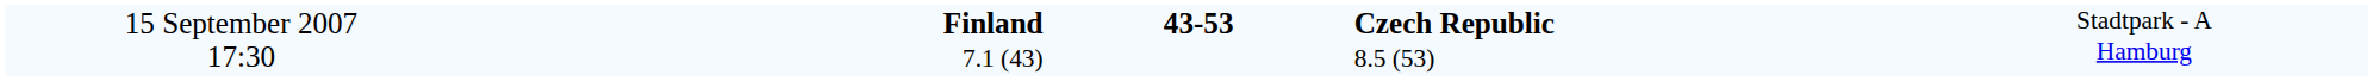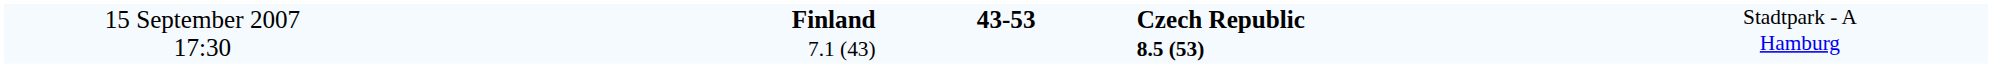 <table style="width: 100%; background:#F5FAFF;" cellspacing="0">
 <tr>
 <td align=center rowspan=3 width=20%>15 September 2007<br>17:30</td>
 </tr>
 <tr>
 <td width=24% align=right><strong>Finland</strong></td>
 <td align=center width=13%><strong>43-53</strong></td>
 <td width=24%><strong>Czech Republic</strong></td>
 <td style=font-size:85% rowspan=3 valign=top align=center>Stadtpark - A <br><a href='#'>Hamburg</a></td>
 </tr>
 <tr style=font-size:85%>
 <td align=right>7.1 (43)</td>
 <td align=center></td>
-<td>8.5 (53)</td>
+<td><strong>8.5 (53)</strong></td>
 </tr>
 </table>
